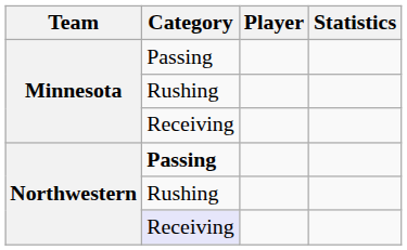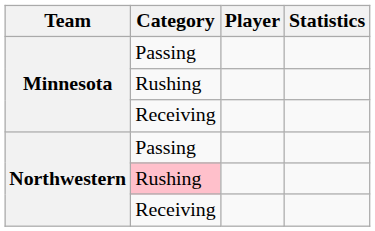 <table class="wikitable" style="float:right">
 <tr>
 <th>Team</th>
 <th>Category</th>
 <th>Player</th>
 <th>Statistics</th>
 </tr>
 <tr>
 <th rowspan=3>Minnesota</th>
 <td>Passing</td>
 <td></td>
 <td></td>
 </tr>
 <tr>
 <td>Rushing</td>
 <td></td>
 <td></td>
 </tr>
 <tr>
 <td>Receiving</td>
 <td></td>
 <td></td>
 </tr>
 <tr>
 <th rowspan=3>Northwestern</th>
-<td><strong>Passing</strong></td>
+<td>Passing</td>
 <td></td>
 <td></td>
 </tr>
 <tr>
-<td>Rushing</td>
+<td style="background: pink;">Rushing</td>
 <td></td>
 <td></td>
 </tr>
 <tr>
-<td style="background: lavender;">Receiving</td>
+<td>Receiving</td>
 <td></td>
 <td></td>
 </tr>
 </table>
